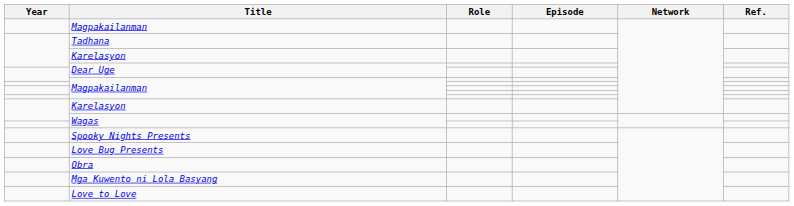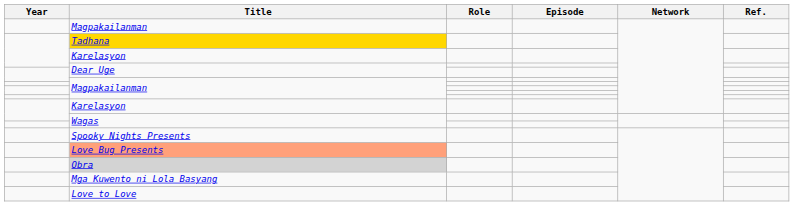 <table class="wikitable sortable" style="width:90%">
 <tr>
 <th>Year</th>
 <th>Title</th>
 <th>Role</th>
 <th>Episode</th>
 <th>Network</th>
 <th>Ref.</th>
 </tr>
 <tr>
 <td></td>
 <td><em><a href='#'>Magpakailanman</a></em></td>
 <td></td>
 <td></td>
 <td rowspan=11></td>
 <td></td>
 </tr>
 <tr>
 <td rowspan="3"></td>
-<td><em><a href='#'>Tadhana</a></em></td>
+<td style="background: gold;"><em><a href='#'>Tadhana</a></em></td>
 <td></td>
 <td></td>
 <td></td>
 </tr>
 <tr>
 <td><em><a href='#'>Karelasyon</a></em></td>
 <td></td>
 <td></td>
 <td></td>
 </tr>
 <tr>
 <td rowspan="2"><em><a href='#'>Dear Uge</a></em></td>
 <td></td>
 <td></td>
 <td></td>
 </tr>
 <tr>
 <td rowspan="2"></td>
 <td></td>
 <td></td>
 <td></td>
 </tr>
 <tr>
 <td rowspan="5"><em><a href='#'>Magpakailanman</a></em></td>
 <td></td>
 <td></td>
 <td></td>
 </tr>
 <tr>
 <td></td>
 <td></td>
 <td></td>
 <td></td>
 </tr>
 <tr>
 <td rowspan="2"></td>
 <td></td>
 <td></td>
 <td></td>
 </tr>
 <tr>
 <td></td>
 <td></td>
 <td></td>
 </tr>
 <tr>
 <td></td>
 <td></td>
 <td></td>
 <td></td>
 </tr>
 <tr>
 <td rowspan="2"></td>
 <td><em><a href='#'>Karelasyon</a></em></td>
 <td></td>
 <td></td>
 <td></td>
 </tr>
 <tr>
 <td rowspan="2"><em><a href='#'>Wagas</a></em></td>
 <td></td>
 <td></td>
 <td rowspan="2"></td>
 <td></td>
 </tr>
 <tr>
 <td></td>
 <td></td>
 <td></td>
 <td></td>
 </tr>
 <tr>
 <td></td>
 <td><em><a href='#'>Spooky Nights Presents</a></em></td>
 <td></td>
 <td></td>
 <td rowspan="5"></td>
 <td></td>
 </tr>
 <tr>
 <td></td>
-<td><em><a href='#'>Love Bug Presents</a></em></td>
+<td style="background: lightsalmon;"><em><a href='#'>Love Bug Presents</a></em></td>
 <td></td>
 <td></td>
 <td></td>
 </tr>
 <tr>
 <td></td>
-<td><em><a href='#'>Obra</a></em></td>
+<td style="background: lightgrey;"><em><a href='#'>Obra</a></em></td>
 <td></td>
 <td></td>
 <td></td>
 </tr>
 <tr>
 <td></td>
 <td><em><a href='#'>Mga Kuwento ni Lola Basyang</a></em></td>
 <td></td>
 <td></td>
 <td></td>
 </tr>
 <tr>
 <td></td>
 <td><em><a href='#'>Love to Love</a></em></td>
 <td></td>
 <td></td>
 <td></td>
 </tr>
 </table>
